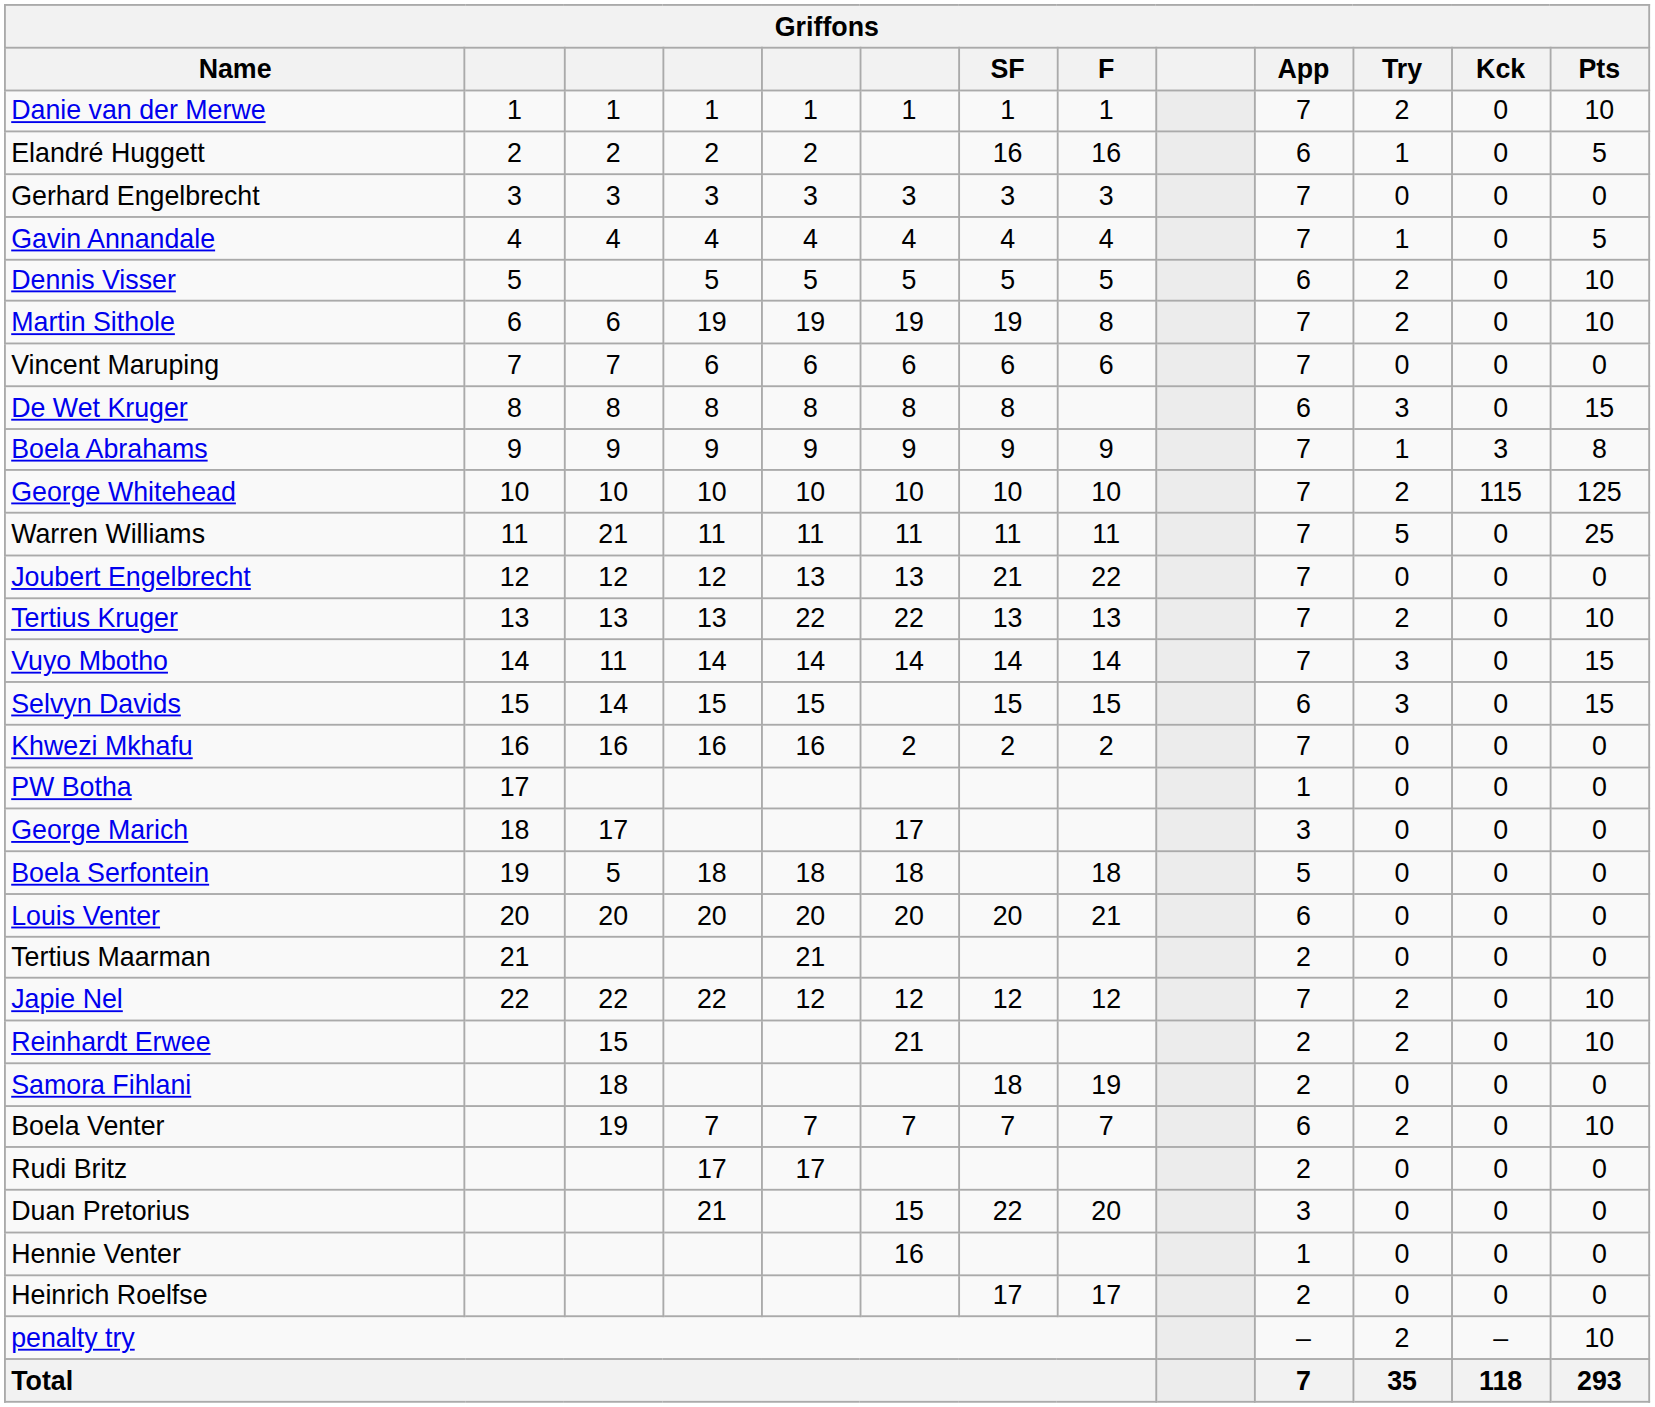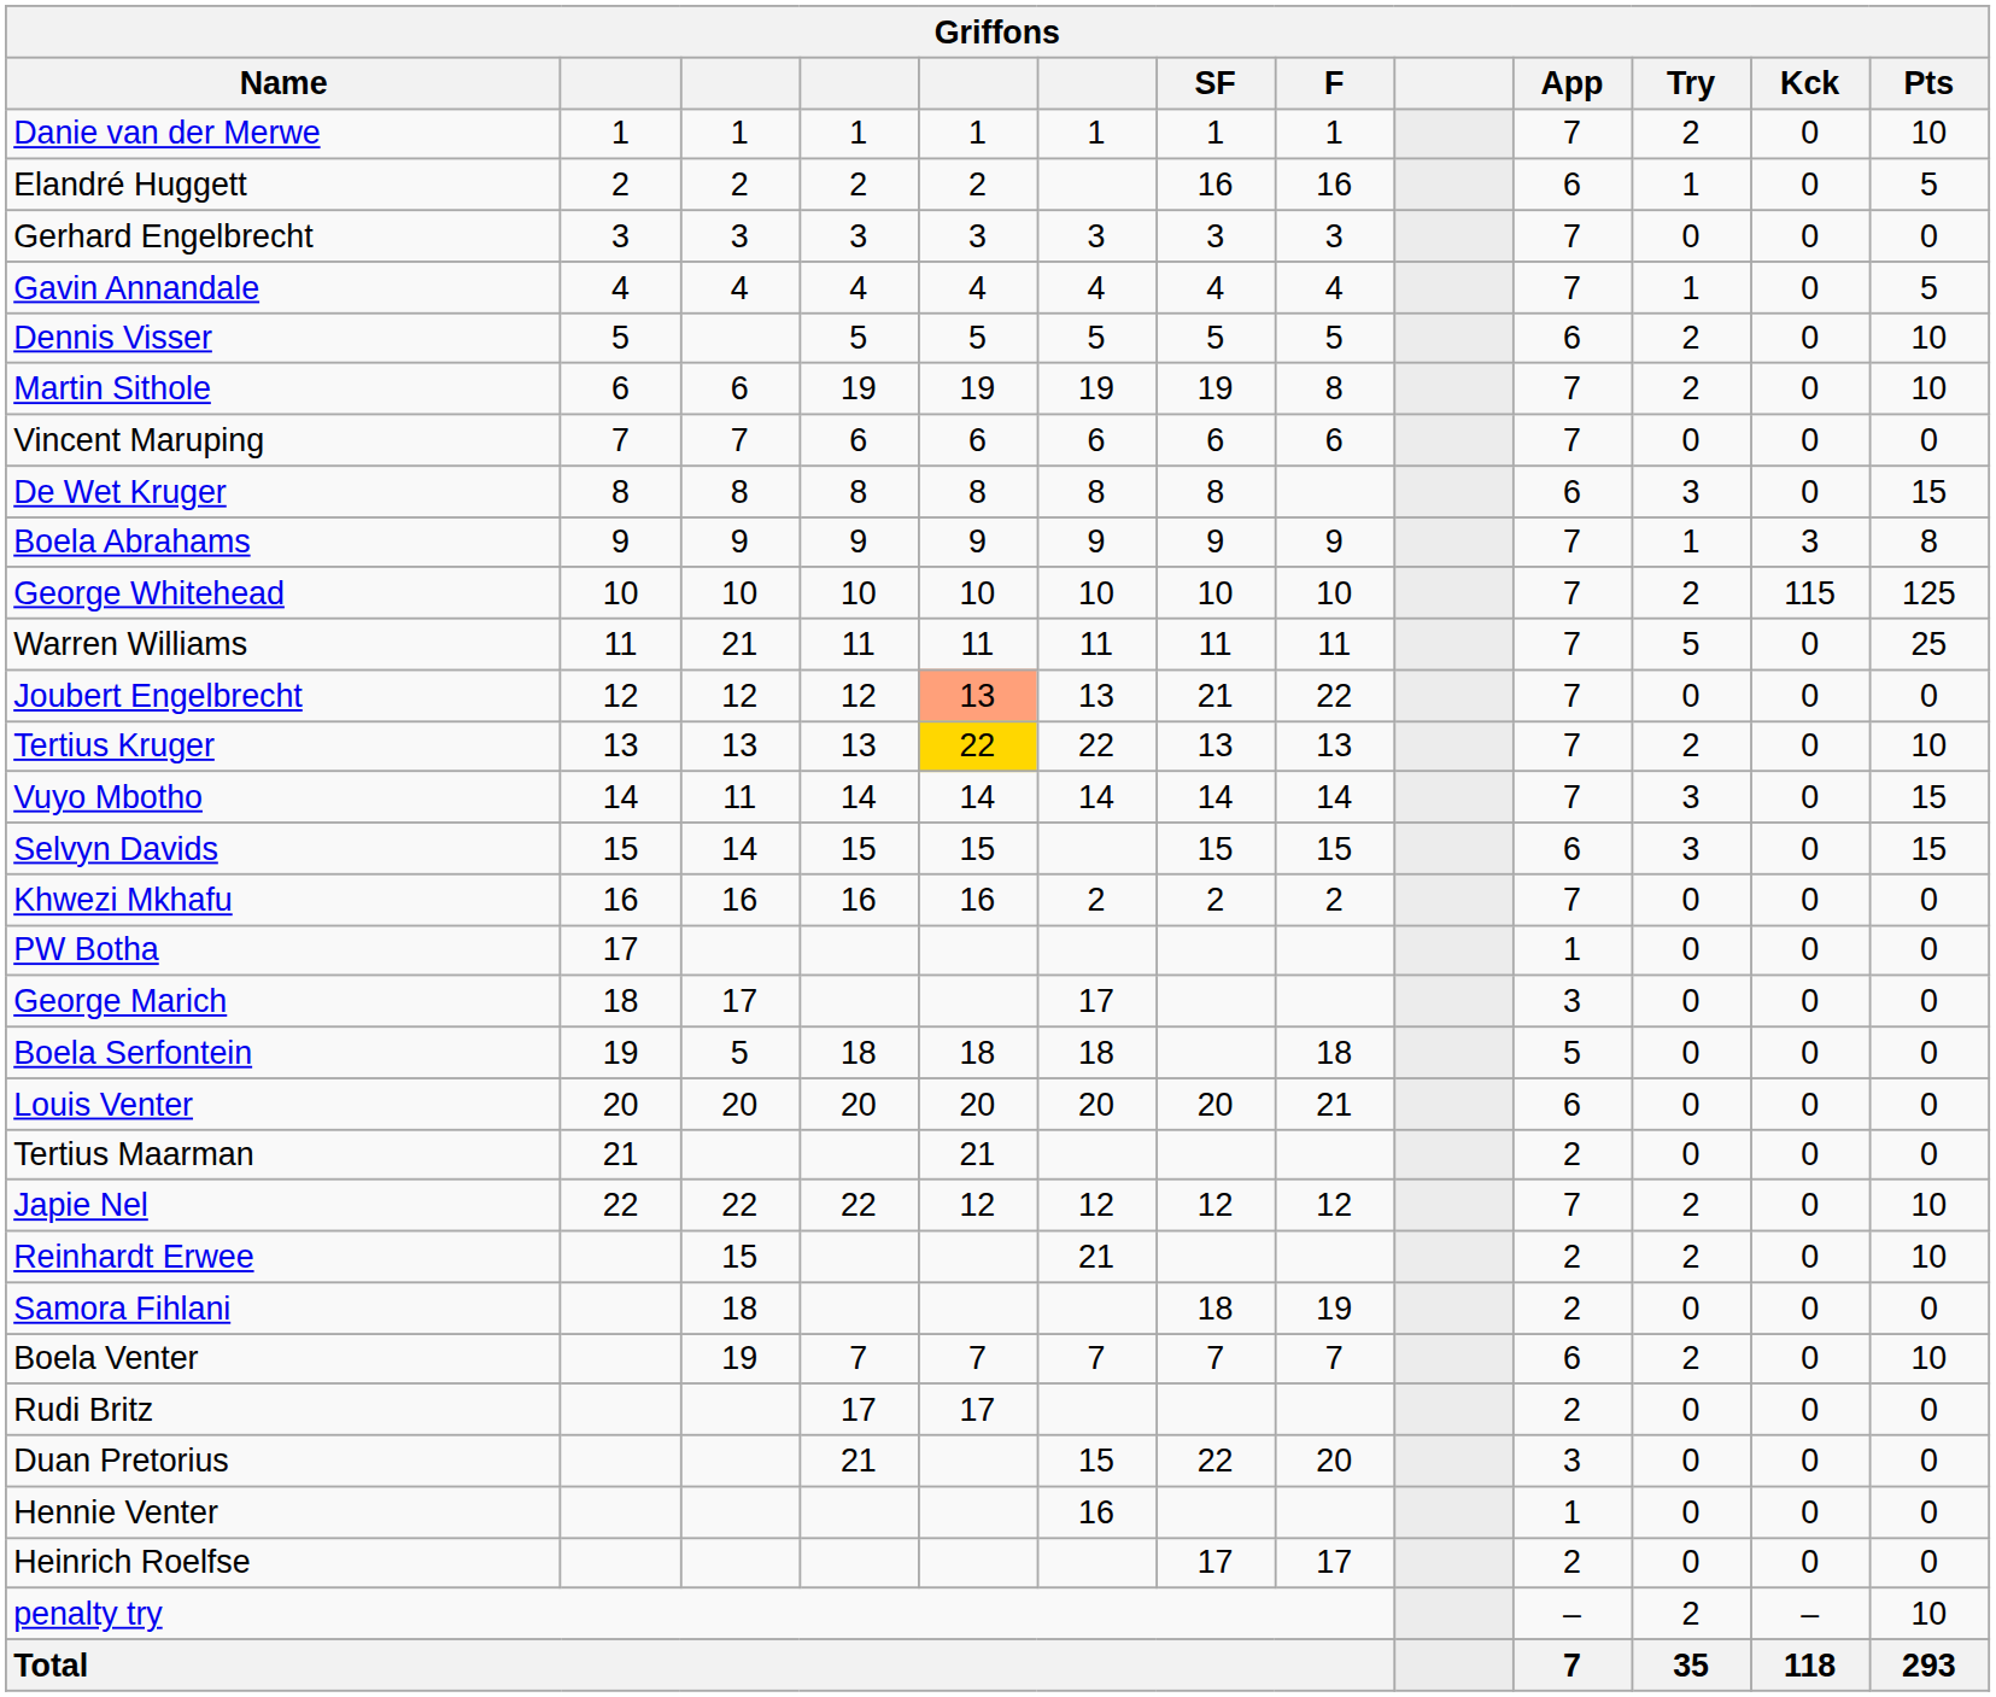 <table class="wikitable collapsible collapsed sortable" style="text-align:center; font-size:90%; width:70%">
 <tr>
 <th colspan="100%">Griffons</th>
 </tr>
 <tr>
 <th style="width:28%;">Name</th>
 <th style="width:6%;"></th>
 <th style="width:6%;"></th>
 <th style="width:6%;"></th>
 <th style="width:6%;"></th>
 <th style="width:6%;"></th>
 <th style="width:6%;">SF</th>
 <th style="width:6%;">F</th>
 <th style="width:6%;"></th>
 <th style="width:6%;">App</th>
 <th style="width:6%;">Try</th>
 <th style="width:6%;">Kck</th>
 <th style="width:6%;">Pts</th>
 </tr>
 <tr>
 <td style="text-align:left;"><a href='#'>Danie van der Merwe</a></td>
 <td>1</td>
 <td>1</td>
 <td>1</td>
 <td>1</td>
 <td>1</td>
 <td>1</td>
 <td>1</td>
 <td style="background:#ECECEC;"></td>
 <td>7</td>
 <td>2</td>
 <td>0</td>
 <td>10</td>
 </tr>
 <tr>
 <td style="text-align:left;">Elandré Huggett</td>
 <td>2</td>
 <td>2</td>
 <td>2</td>
 <td>2</td>
 <td></td>
 <td>16 </td>
 <td>16 </td>
 <td style="background:#ECECEC;"></td>
 <td>6</td>
 <td>1</td>
 <td>0</td>
 <td>5</td>
 </tr>
 <tr>
 <td style="text-align:left;">Gerhard Engelbrecht</td>
 <td>3</td>
 <td>3</td>
 <td>3</td>
 <td>3</td>
 <td>3</td>
 <td>3</td>
 <td>3</td>
 <td style="background:#ECECEC;"></td>
 <td>7</td>
 <td>0</td>
 <td>0</td>
 <td>0</td>
 </tr>
 <tr>
 <td style="text-align:left;"><a href='#'>Gavin Annandale</a></td>
 <td>4</td>
 <td>4</td>
 <td>4</td>
 <td>4</td>
 <td>4</td>
 <td>4</td>
 <td>4</td>
 <td style="background:#ECECEC;"></td>
 <td>7</td>
 <td>1</td>
 <td>0</td>
 <td>5</td>
 </tr>
 <tr>
 <td style="text-align:left;"><a href='#'>Dennis Visser</a></td>
 <td>5</td>
 <td></td>
 <td>5</td>
 <td>5</td>
 <td>5</td>
 <td>5</td>
 <td>5</td>
 <td style="background:#ECECEC;"></td>
 <td>6</td>
 <td>2</td>
 <td>0</td>
 <td>10</td>
 </tr>
 <tr>
 <td style="text-align:left;"><a href='#'>Martin Sithole</a></td>
 <td>6</td>
 <td>6</td>
 <td>19 </td>
 <td>19 </td>
 <td>19 </td>
 <td>19 </td>
 <td>8</td>
 <td style="background:#ECECEC;"></td>
 <td>7</td>
 <td>2</td>
 <td>0</td>
 <td>10</td>
 </tr>
 <tr>
 <td style="text-align:left;">Vincent Maruping</td>
 <td>7</td>
 <td>7</td>
 <td>6</td>
 <td>6</td>
 <td>6</td>
 <td>6</td>
 <td>6</td>
 <td style="background:#ECECEC;"></td>
 <td>7</td>
 <td>0</td>
 <td>0</td>
 <td>0</td>
 </tr>
 <tr>
 <td style="text-align:left;"><a href='#'>De Wet Kruger</a></td>
 <td>8</td>
 <td>8</td>
 <td>8</td>
 <td>8</td>
 <td>8</td>
 <td>8</td>
 <td></td>
 <td style="background:#ECECEC;"></td>
 <td>6</td>
 <td>3</td>
 <td>0</td>
 <td>15</td>
 </tr>
 <tr>
 <td style="text-align:left;"><a href='#'>Boela Abrahams</a></td>
 <td>9</td>
 <td>9</td>
 <td>9</td>
 <td>9</td>
 <td>9</td>
 <td>9</td>
 <td>9</td>
 <td style="background:#ECECEC;"></td>
 <td>7</td>
 <td>1</td>
 <td>3</td>
 <td>8</td>
 </tr>
 <tr>
 <td style="text-align:left;"><a href='#'>George Whitehead</a></td>
 <td>10</td>
 <td>10</td>
 <td>10</td>
 <td>10</td>
 <td>10</td>
 <td>10</td>
 <td>10</td>
 <td style="background:#ECECEC;"></td>
 <td>7</td>
 <td>2</td>
 <td>115</td>
 <td>125</td>
 </tr>
 <tr>
 <td style="text-align:left;">Warren Williams</td>
 <td>11</td>
 <td>21 </td>
 <td>11</td>
 <td>11</td>
 <td>11</td>
 <td>11</td>
 <td>11</td>
 <td style="background:#ECECEC;"></td>
 <td>7</td>
 <td>5</td>
 <td>0</td>
 <td>25</td>
 </tr>
 <tr>
 <td style="text-align:left;"><a href='#'>Joubert Engelbrecht</a></td>
 <td>12</td>
 <td>12</td>
 <td>12</td>
-<td>13</td>
+<td style="background: lightsalmon;">13</td>
 <td>13</td>
 <td>21 </td>
 <td>22 </td>
 <td style="background:#ECECEC;"></td>
 <td>7</td>
 <td>0</td>
 <td>0</td>
 <td>0</td>
 </tr>
 <tr>
 <td style="text-align:left;"><a href='#'>Tertius Kruger</a></td>
 <td>13</td>
 <td>13</td>
 <td>13</td>
-<td>22 </td>
+<td style="background: gold;">22 </td>
 <td>22 </td>
 <td>13</td>
 <td>13</td>
 <td style="background:#ECECEC;"></td>
 <td>7</td>
 <td>2</td>
 <td>0</td>
 <td>10</td>
 </tr>
 <tr>
 <td style="text-align:left;"><a href='#'>Vuyo Mbotho</a></td>
 <td>14</td>
 <td>11</td>
 <td>14</td>
 <td>14</td>
 <td>14</td>
 <td>14</td>
 <td>14</td>
 <td style="background:#ECECEC;"></td>
 <td>7</td>
 <td>3</td>
 <td>0</td>
 <td>15</td>
 </tr>
 <tr>
 <td style="text-align:left;"><a href='#'>Selvyn Davids</a></td>
 <td>15</td>
 <td>14</td>
 <td>15</td>
 <td>15</td>
 <td></td>
 <td>15</td>
 <td>15</td>
 <td style="background:#ECECEC;"></td>
 <td>6</td>
 <td>3</td>
 <td>0</td>
 <td>15</td>
 </tr>
 <tr>
 <td style="text-align:left;"><a href='#'>Khwezi Mkhafu</a></td>
 <td>16 </td>
 <td>16 </td>
 <td>16 </td>
 <td>16 </td>
 <td>2</td>
 <td>2</td>
 <td>2</td>
 <td style="background:#ECECEC;"></td>
 <td>7</td>
 <td>0</td>
 <td>0</td>
 <td>0</td>
 </tr>
 <tr>
 <td style="text-align:left;"><a href='#'>PW Botha</a></td>
 <td>17 </td>
 <td></td>
 <td></td>
 <td></td>
 <td></td>
 <td></td>
 <td></td>
 <td style="background:#ECECEC;"></td>
 <td>1</td>
 <td>0</td>
 <td>0</td>
 <td>0</td>
 </tr>
 <tr>
 <td style="text-align:left;"><a href='#'>George Marich</a></td>
 <td>18 </td>
 <td>17 </td>
 <td></td>
 <td></td>
 <td>17 </td>
 <td></td>
 <td></td>
 <td style="background:#ECECEC;"></td>
 <td>3</td>
 <td>0</td>
 <td>0</td>
 <td>0</td>
 </tr>
 <tr>
 <td style="text-align:left;"><a href='#'>Boela Serfontein</a></td>
 <td>19 </td>
 <td>5</td>
 <td>18</td>
 <td>18 </td>
 <td>18 </td>
 <td></td>
 <td>18 </td>
 <td style="background:#ECECEC;"></td>
 <td>5</td>
 <td>0</td>
 <td>0</td>
 <td>0</td>
 </tr>
 <tr>
 <td style="text-align:left;"><a href='#'>Louis Venter</a></td>
 <td>20 </td>
 <td>20</td>
 <td>20 </td>
 <td>20 </td>
 <td>20 </td>
 <td>20 </td>
 <td>21 </td>
 <td style="background:#ECECEC;"></td>
 <td>6</td>
 <td>0</td>
 <td>0</td>
 <td>0</td>
 </tr>
 <tr>
 <td style="text-align:left;">Tertius Maarman</td>
 <td>21 </td>
 <td></td>
 <td></td>
 <td>21 </td>
 <td></td>
 <td></td>
 <td></td>
 <td style="background:#ECECEC;"></td>
 <td>2</td>
 <td>0</td>
 <td>0</td>
 <td>0</td>
 </tr>
 <tr>
 <td style="text-align:left;"><a href='#'>Japie Nel</a></td>
 <td>22 </td>
 <td>22 </td>
 <td>22 </td>
 <td>12</td>
 <td>12</td>
 <td>12</td>
 <td>12</td>
 <td style="background:#ECECEC;"></td>
 <td>7</td>
 <td>2</td>
 <td>0</td>
 <td>10</td>
 </tr>
 <tr>
 <td style="text-align:left;"><a href='#'>Reinhardt Erwee</a></td>
 <td></td>
 <td>15</td>
 <td></td>
 <td></td>
 <td>21 </td>
 <td></td>
 <td></td>
 <td style="background:#ECECEC;"></td>
 <td>2</td>
 <td>2</td>
 <td>0</td>
 <td>10</td>
 </tr>
 <tr>
 <td style="text-align:left;"><a href='#'>Samora Fihlani</a></td>
 <td></td>
 <td>18</td>
 <td></td>
 <td></td>
 <td></td>
 <td>18 </td>
 <td>19 </td>
 <td style="background:#ECECEC;"></td>
 <td>2</td>
 <td>0</td>
 <td>0</td>
 <td>0</td>
 </tr>
 <tr>
 <td style="text-align:left;">Boela Venter</td>
 <td></td>
 <td>19 </td>
 <td>7</td>
 <td>7</td>
 <td>7</td>
 <td>7</td>
 <td>7</td>
 <td style="background:#ECECEC;"></td>
 <td>6</td>
 <td>2</td>
 <td>0</td>
 <td>10</td>
 </tr>
 <tr>
 <td style="text-align:left;">Rudi Britz</td>
 <td></td>
 <td></td>
 <td>17 </td>
 <td>17 </td>
 <td></td>
 <td></td>
 <td></td>
 <td style="background:#ECECEC;"></td>
 <td>2</td>
 <td>0</td>
 <td>0</td>
 <td>0</td>
 </tr>
 <tr>
 <td style="text-align:left;">Duan Pretorius</td>
 <td></td>
 <td></td>
 <td>21 </td>
 <td></td>
 <td>15</td>
 <td>22</td>
 <td>20 </td>
 <td style="background:#ECECEC;"></td>
 <td>3</td>
 <td>0</td>
 <td>0</td>
 <td>0</td>
 </tr>
 <tr>
 <td style="text-align:left;">Hennie Venter</td>
 <td></td>
 <td></td>
 <td></td>
 <td></td>
 <td>16 </td>
 <td></td>
 <td></td>
 <td style="background:#ECECEC;"></td>
 <td>1</td>
 <td>0</td>
 <td>0</td>
 <td>0</td>
 </tr>
 <tr>
 <td style="text-align:left;">Heinrich Roelfse</td>
 <td></td>
 <td></td>
 <td></td>
 <td></td>
 <td></td>
 <td>17 </td>
 <td>17 </td>
 <td style="background:#ECECEC;"></td>
 <td>2</td>
 <td>0</td>
 <td>0</td>
 <td>0</td>
 </tr>
 <tr>
 <td colspan="8" style="text-align:left;"><a href='#'>penalty try</a></td>
 <td style="background:#ECECEC;"></td>
 <td>–</td>
 <td>2</td>
 <td>–</td>
 <td>10</td>
 </tr>
 <tr>
 <th colspan="8" style="text-align:left;">Total</th>
 <th style="background:#ECECEC;"></th>
 <th>7</th>
 <th>35</th>
 <th>118</th>
 <th>293</th>
 </tr>
 </table>
